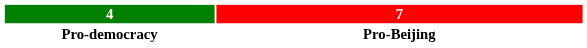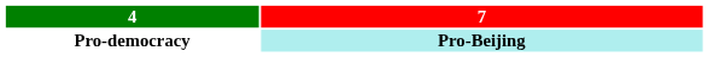 <table style="width:50%; text-align:center;">
 <tr style="color:white;">
 <td style="background:green; width:36.37%;"><strong>4</strong></td>
 <td style="background:red; width:63.63%;"><strong>7</strong></td>
 </tr>
 <tr>
 <td><span><strong>Pro-democracy</strong></span></td>
-<td><span><strong>Pro-Beijing</strong></span></td>
+<td style="background: paleturquoise;"><span><strong>Pro-Beijing</strong></span></td>
 </tr>
 </table>
